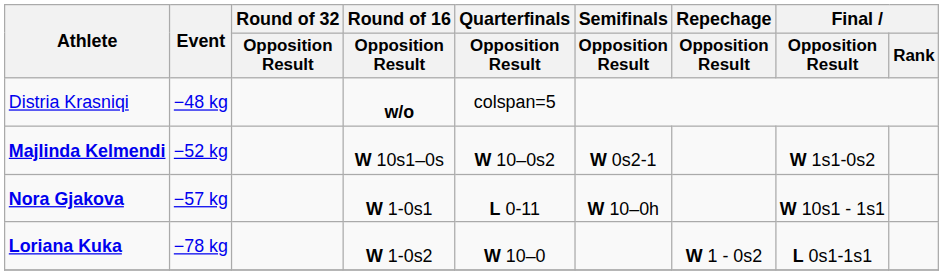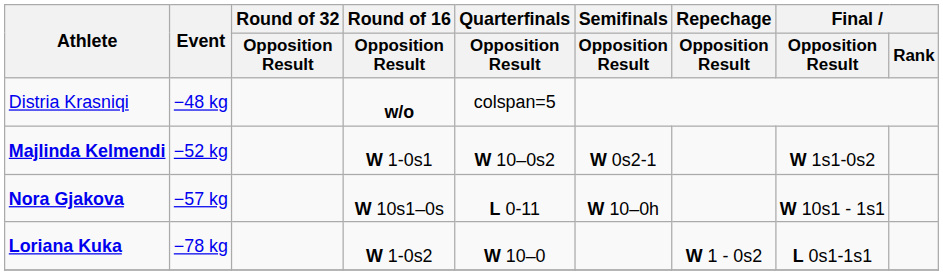 <table class="wikitable" style="text-align:center; font-size:90%">
 <tr>
 <th rowspan=2>Athlete</th>
 <th rowspan=2>Event</th>
 <th>Round of 32</th>
 <th>Round of 16</th>
 <th>Quarterfinals</th>
 <th>Semifinals</th>
 <th>Repechage</th>
 <th colspan=2>Final / </th>
 </tr>
 <tr style="font-size:95%">
 <th>Opposition<br>Result</th>
 <th>Opposition<br>Result</th>
 <th>Opposition<br>Result</th>
 <th>Opposition<br>Result</th>
 <th>Opposition<br>Result</th>
 <th>Opposition<br>Result</th>
 <th>Rank</th>
 </tr>
 <tr>
 <td align=left><a href='#'>Distria Krasniqi</a></td>
 <td align=left><a href='#'>−48 kg</a></td>
 <td></td>
 <td><br><strong>w/o</strong></td>
 <td>colspan=5 </td>
 </tr>
 <tr>
 <td align=left><strong><a href='#'>Majlinda Kelmendi</a></strong></td>
 <td align=left><a href='#'>−52 kg</a></td>
 <td></td>
-<td><br><strong>W</strong> 10s1–0s</td>
+<td><br><strong>W</strong> 1-0s1</td>
 <td><br><strong>W</strong> 10–0s2</td>
 <td><br><strong>W</strong> 0s2-1</td>
 <td></td>
 <td><br><strong>W</strong> 1s1-0s2</td>
 <td></td>
 </tr>
 <tr>
 <td align=left><strong><a href='#'>Nora Gjakova</a></strong></td>
 <td align=left><a href='#'>−57 kg</a></td>
 <td></td>
-<td><br><strong>W</strong> 1-0s1</td>
+<td><br><strong>W</strong> 10s1–0s</td>
 <td><br><strong>L</strong> 0-11</td>
 <td><br><strong>W</strong> 10–0h</td>
 <td></td>
 <td><br><strong>W</strong> 10s1 - 1s1</td>
 <td></td>
 </tr>
 <tr>
 <td align=left><strong><a href='#'>Loriana Kuka</a></strong></td>
 <td align=left><a href='#'>−78 kg</a></td>
 <td></td>
 <td><br><strong>W</strong> 1-0s2</td>
 <td><br><strong>W</strong> 10–0</td>
 <td></td>
 <td><br><strong>W</strong> 1 - 0s2</td>
 <td><br><strong>L</strong> 0s1-1s1</td>
 <td></td>
 </tr>
 <tr>
 </tr>
 </table>
